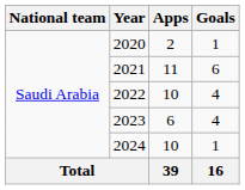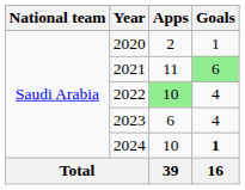 <table class="wikitable" style="text-align:center">
 <tr>
 <th>National team</th>
 <th>Year</th>
 <th>Apps</th>
 <th>Goals</th>
 </tr>
 <tr>
 <td rowspan="5"><a href='#'>Saudi Arabia</a></td>
 <td>2020</td>
 <td>2</td>
 <td>1</td>
 </tr>
 <tr>
 <td>2021</td>
 <td>11</td>
-<td>6</td>
+<td style="background: lightgreen;">6</td>
 </tr>
 <tr>
 <td>2022</td>
-<td>10</td>
+<td style="background: lightgreen;">10</td>
 <td>4</td>
 </tr>
 <tr>
 <td>2023</td>
 <td>6</td>
 <td>4</td>
 </tr>
 <tr>
 <td>2024</td>
 <td>10</td>
-<td>1</td>
+<td><strong>1</strong></td>
 </tr>
 <tr>
 <th colspan= "2">Total</th>
 <th>39</th>
 <th>16</th>
 </tr>
 </table>
